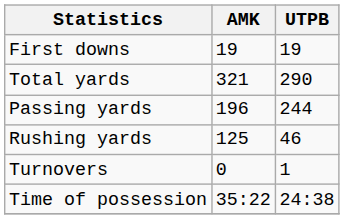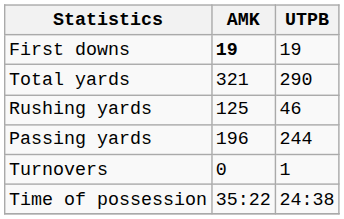 <table class="wikitable" style="float: left;">
 <tr>
 <th>Statistics</th>
 <th>AMK</th>
 <th>UTPB</th>
 </tr>
 <tr>
 <td>First downs</td>
-<td>19</td>
+<td><strong>19</strong></td>
 <td>19</td>
 </tr>
 <tr>
 <td>Total yards</td>
 <td>321</td>
 <td>290</td>
 </tr>
 <tr>
+<td>Rushing yards</td>
+<td>125</td>
+<td>46</td>
+</tr>
+<tr>
 <td>Passing yards</td>
 <td>196</td>
 <td>244</td>
-</tr>
-<tr>
-<td>Rushing yards</td>
-<td>125</td>
-<td>46</td>
 </tr>
 <tr>
 <td>Turnovers</td>
 <td>0</td>
 <td>1</td>
 </tr>
 <tr>
 <td>Time of possession</td>
 <td>35:22</td>
 <td>24:38</td>
 </tr>
 <tr>
 </tr>
 </table>
